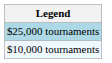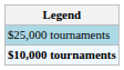 <table class="wikitable" style="font-size:95%">
 <tr>
 <th>Legend</th>
 </tr>
 <tr style="background:lightblue;">
 <td>$25,000 tournaments</td>
 </tr>
 <tr style="background:#f0f8ff;">
-<td>$10,000 tournaments</td>
+<td><strong>$10,000 tournaments</strong></td>
 </tr>
 </table>
